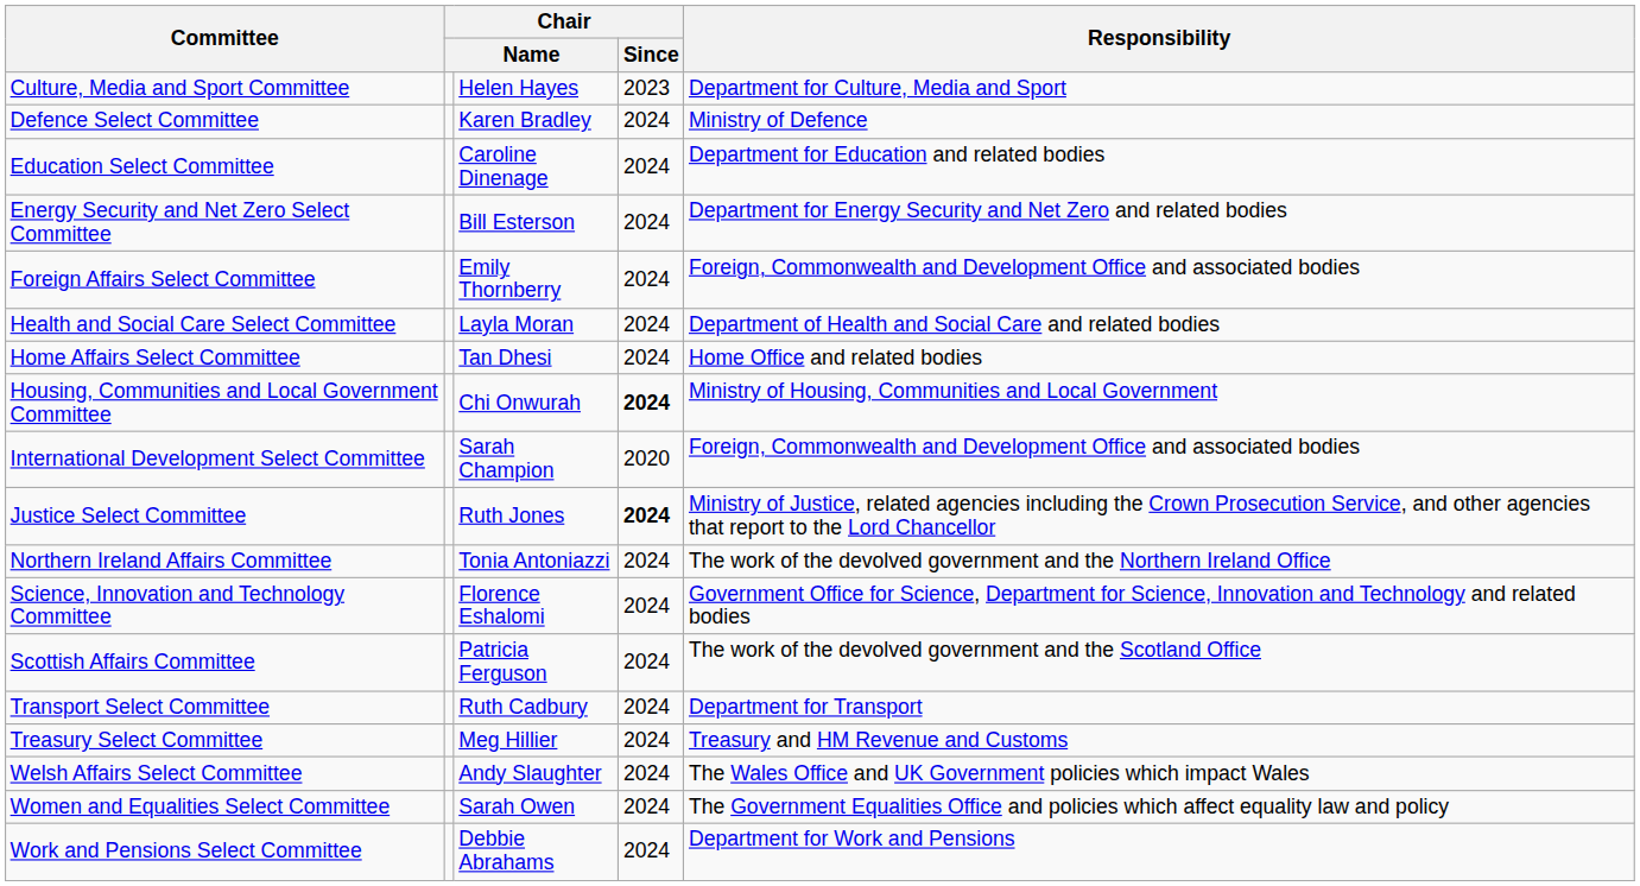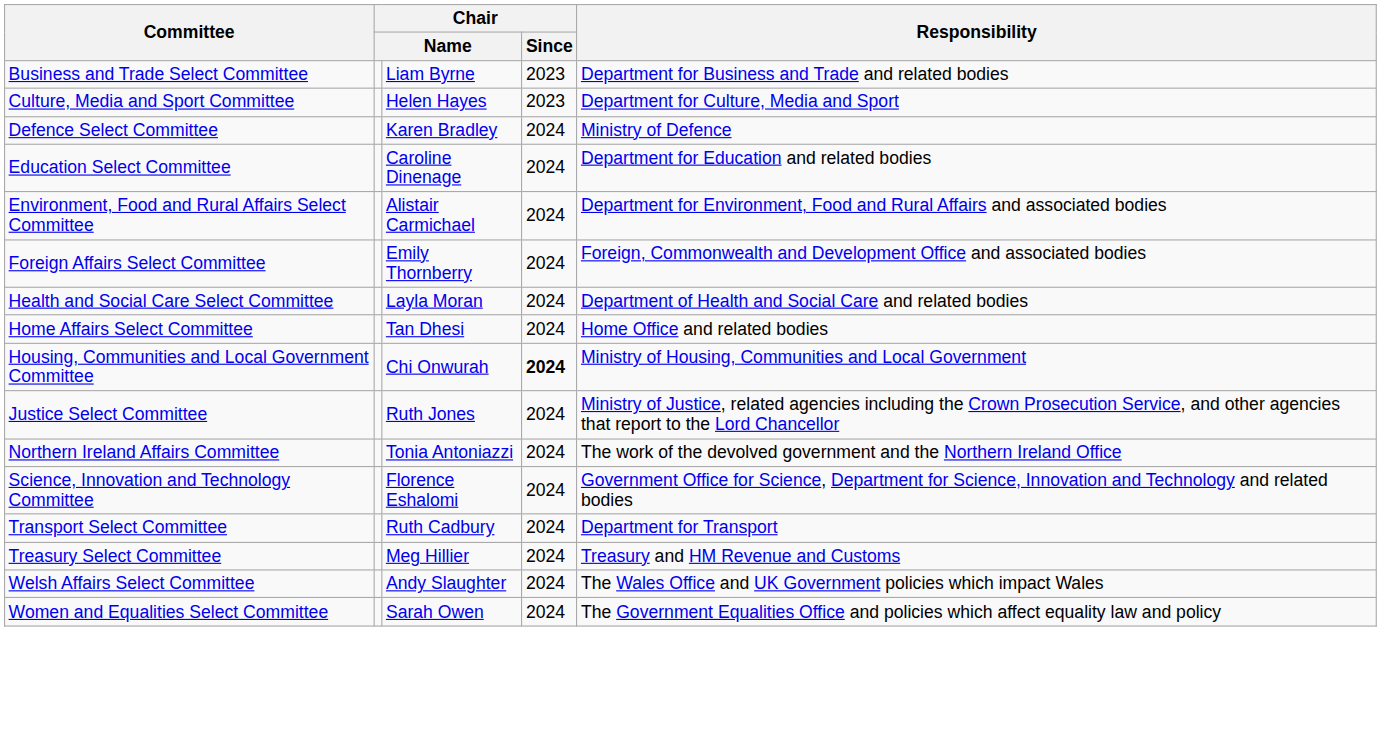 <table class="wikitable">
 <tr>
 <th rowspan="2">Committee</th>
 <th colspan="3">Chair</th>
 <th rowspan="2">Responsibility</th>
 </tr>
 <tr>
 <th colspan="2">Name</th>
 <th>Since</th>
+</tr>
+<tr>
+<td><a href='#'>Business and Trade Select Committee</a></td>
+<td style="background-color: "></td>
+<td><a href='#'>Liam Byrne</a></td>
+<td>2023</td>
+<td style="vertical-align: top;"><a href='#'>Department for Business and Trade</a> and related bodies</td>
 </tr>
 <tr>
 <td><a href='#'>Culture, Media and Sport Committee</a></td>
 <td style="background-color: "></td>
 <td><a href='#'>Helen Hayes</a></td>
 <td>2023</td>
 <td style="vertical-align: top;"><a href='#'>Department for Culture, Media and Sport</a></td>
 </tr>
 <tr>
 <td><a href='#'>Defence Select Committee</a></td>
 <td style="background-color: "></td>
 <td><a href='#'>Karen Bradley</a></td>
 <td>2024</td>
 <td style="vertical-align: top;"><a href='#'>Ministry of Defence</a></td>
 </tr>
 <tr>
 <td><a href='#'>Education Select Committee</a></td>
 <td style="background-color: "></td>
 <td><a href='#'>Caroline Dinenage</a></td>
 <td>2024</td>
 <td style="vertical-align: top;"><a href='#'>Department for Education</a> and related bodies</td>
 </tr>
 <tr>
-<td><a href='#'>Energy Security and Net Zero Select Committee</a></td>
+<td><a href='#'>Environment, Food and Rural Affairs Select Committee</a></td>
 <td style="background-color: "></td>
-<td><a href='#'>Bill Esterson</a></td>
+<td><a href='#'>Alistair Carmichael</a></td>
 <td>2024</td>
-<td style="vertical-align: top;"><a href='#'>Department for Energy Security and Net Zero</a> and related bodies</td>
+<td style="vertical-align: top;"><a href='#'>Department for Environment, Food and Rural Affairs</a> and associated bodies</td>
 </tr>
 <tr>
 <td><a href='#'>Foreign Affairs Select Committee</a></td>
 <td style="background-color: "></td>
 <td><a href='#'>Emily Thornberry</a></td>
 <td>2024</td>
 <td style="vertical-align: top;"><a href='#'>Foreign, Commonwealth and Development Office</a> and associated bodies</td>
 </tr>
 <tr>
 <td><a href='#'>Health and Social Care Select Committee</a></td>
 <td style="background:"></td>
 <td><a href='#'>Layla Moran</a></td>
 <td>2024</td>
 <td style="vertical-align: top;"><a href='#'>Department of Health and Social Care</a> and related bodies</td>
 </tr>
 <tr>
 <td><a href='#'>Home Affairs Select Committee</a></td>
 <td style="background-color: "></td>
 <td><a href='#'>Tan Dhesi</a></td>
 <td>2024</td>
 <td style="vertical-align: top;"><a href='#'>Home Office</a> and related bodies</td>
 </tr>
 <tr>
 <td><a href='#'>Housing, Communities and Local Government Committee</a></td>
 <td style="background-color: "></td>
 <td><a href='#'>Chi Onwurah</a></td>
 <td><strong>2024</strong></td>
 <td style="vertical-align: top;"><a href='#'>Ministry of Housing, Communities and Local Government</a></td>
 </tr>
 <tr>
-<td><a href='#'>International Development Select Committee</a></td>
-<td style="background-color: "></td>
-<td><a href='#'>Sarah Champion</a></td>
-<td>2020</td>
-<td style="vertical-align: top;"><a href='#'>Foreign, Commonwealth and Development Office</a> and associated bodies</td>
-</tr>
-<tr>
 <td><a href='#'>Justice Select Committee</a></td>
 <td style="background-color: "></td>
 <td><a href='#'>Ruth Jones</a></td>
-<td><strong>2024</strong></td>
+<td>2024</td>
 <td style="vertical-align: top;"><a href='#'>Ministry of Justice</a>, related agencies including the <a href='#'>Crown Prosecution Service</a>, and other agencies that report to the <a href='#'>Lord Chancellor</a></td>
 </tr>
 <tr>
 <td><a href='#'>Northern Ireland Affairs Committee</a></td>
 <td style="background-color: "></td>
 <td><a href='#'>Tonia Antoniazzi</a></td>
 <td>2024</td>
 <td style="vertical-align: top;">The work of the devolved government and the <a href='#'>Northern Ireland Office</a></td>
 </tr>
 <tr>
 <td><a href='#'>Science, Innovation and Technology Committee</a></td>
 <td style="background-color: "></td>
 <td><a href='#'>Florence Eshalomi</a></td>
 <td>2024</td>
 <td style="vertical-align: top;"><a href='#'>Government Office for Science</a>, <a href='#'>Department for Science, Innovation and Technology</a> and related bodies</td>
-</tr>
-<tr>
-<td><a href='#'>Scottish Affairs Committee</a></td>
-<td style="background-color: "></td>
-<td><a href='#'>Patricia Ferguson</a></td>
-<td>2024</td>
-<td style="vertical-align: top;">The work of the devolved government and the <a href='#'>Scotland Office</a></td>
 </tr>
 <tr>
 <td><a href='#'>Transport Select Committee</a></td>
 <td style="background-color: "></td>
 <td><a href='#'>Ruth Cadbury</a></td>
 <td>2024</td>
 <td style="vertical-align: top;"><a href='#'>Department for Transport</a></td>
 </tr>
 <tr>
 <td><a href='#'>Treasury Select Committee</a></td>
 <td style="background-color: "></td>
 <td><a href='#'>Meg Hillier</a></td>
 <td>2024</td>
 <td style="vertical-align: top;"><a href='#'>Treasury</a> and <a href='#'>HM Revenue and Customs</a></td>
 </tr>
 <tr>
 <td><a href='#'>Welsh Affairs Select Committee</a></td>
 <td style="background-color: "></td>
 <td><a href='#'>Andy Slaughter</a></td>
 <td>2024</td>
 <td style="vertical-align: top;">The <a href='#'>Wales Office</a> and <a href='#'>UK Government</a> policies which impact Wales</td>
 </tr>
 <tr>
 <td><a href='#'>Women and Equalities Select Committee</a></td>
 <td style="background-color: "></td>
 <td><a href='#'>Sarah Owen</a></td>
 <td>2024</td>
 <td style="vertical-align: top;">The <a href='#'>Government Equalities Office</a> and policies which affect equality law and policy</td>
 </tr>
-<tr>
-<td><a href='#'>Work and Pensions Select Committee</a></td>
-<td style="background:"></td>
-<td><a href='#'>Debbie Abrahams</a></td>
-<td>2024</td>
-<td style="vertical-align: top;"><a href='#'>Department for Work and Pensions</a></td>
-</tr>
 </table>
